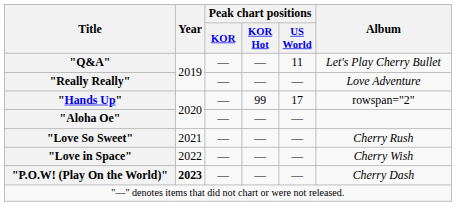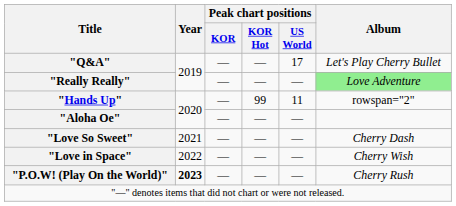 <table class="wikitable plainrowheaders" style="text-align:center;">
 <tr>
 <th scope="col" rowspan="2" style="width:14em;">Title</th>
 <th scope="col" rowspan="2" style="width:1em">Year</th>
 <th scope="col" colspan="3">Peak chart positions</th>
 <th scope="col" rowspan="2" style="width:11em;">Album</th>
 </tr>
 <tr>
 <th scope="col" style="width:3em;font-size:90%;"><a href='#'>KOR</a><br></th>
 <th scope="col" style="width:3em;font-size:90%;"><a href='#'>KOR<br>Hot</a><br></th>
 <th scope="col" style="width:3em;font-size:90%;"><a href='#'>US<br>World</a><br></th>
 </tr>
 <tr>
 <th scope="row">"Q&A"</th>
 <td rowspan="2">2019</td>
 <td>—</td>
 <td>—</td>
-<td>11</td>
+<td>17</td>
 <td><em>Let's Play Cherry Bullet</em></td>
 </tr>
 <tr>
 <th scope="row">"Really Really" </th>
 <td>—</td>
 <td>—</td>
 <td>—</td>
-<td><em>Love Adventure</em></td>
+<td style="background: lightgreen;"><em>Love Adventure</em></td>
 </tr>
 <tr>
 <th scope="row">"<a href='#'>Hands Up</a>" </th>
 <td rowspan="2">2020</td>
 <td>—</td>
 <td>99</td>
-<td>17</td>
+<td>11</td>
 <td>rowspan="2" </td>
 </tr>
 <tr>
 <th scope="row">"Aloha Oe" </th>
 <td>—</td>
 <td>—</td>
 <td>—</td>
 </tr>
 <tr>
 <th scope="row">"Love So Sweet"</th>
 <td>2021</td>
 <td>—</td>
 <td>—</td>
 <td>—</td>
-<td><em>Cherry Rush</em></td>
+<td><em>Cherry Dash</em></td>
 </tr>
 <tr>
 <th scope="row">"Love in Space"</th>
 <td>2022</td>
 <td>—</td>
 <td>—</td>
 <td>—</td>
 <td><em>Cherry Wish</em></td>
 </tr>
 <tr>
 <th scope="row">"P.O.W! (Play On the World)"</th>
 <td><strong>2023</strong></td>
 <td>—</td>
 <td>—</td>
 <td>—</td>
-<td><em>Cherry Dash</em></td>
+<td><em>Cherry Rush</em></td>
 </tr>
 <tr>
 <td colspan="6" style="text-align:center; font-size:85%;">"—" denotes items that did not chart or were not released.</td>
 </tr>
 </table>
